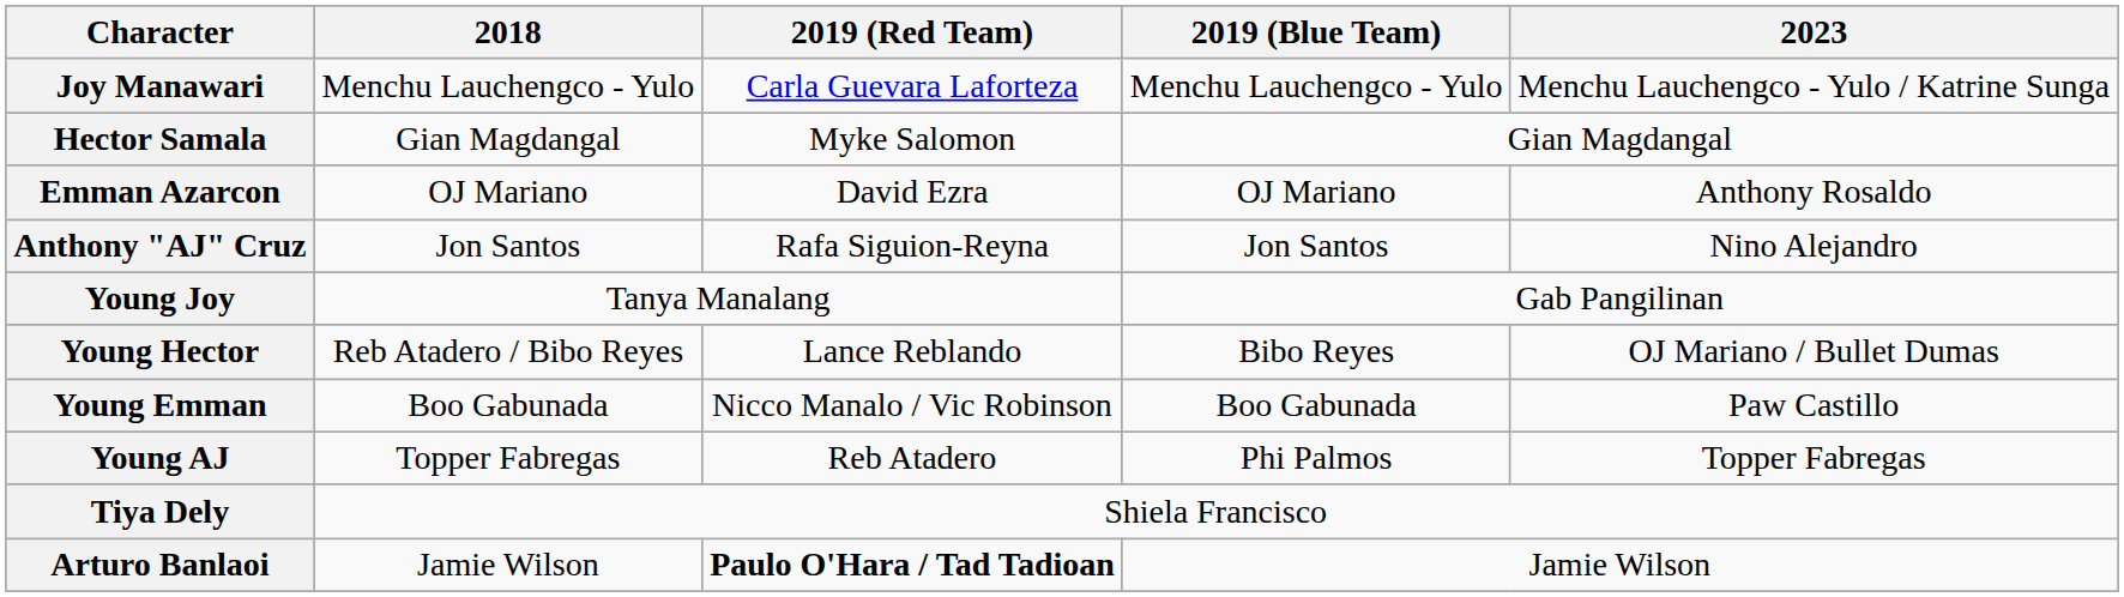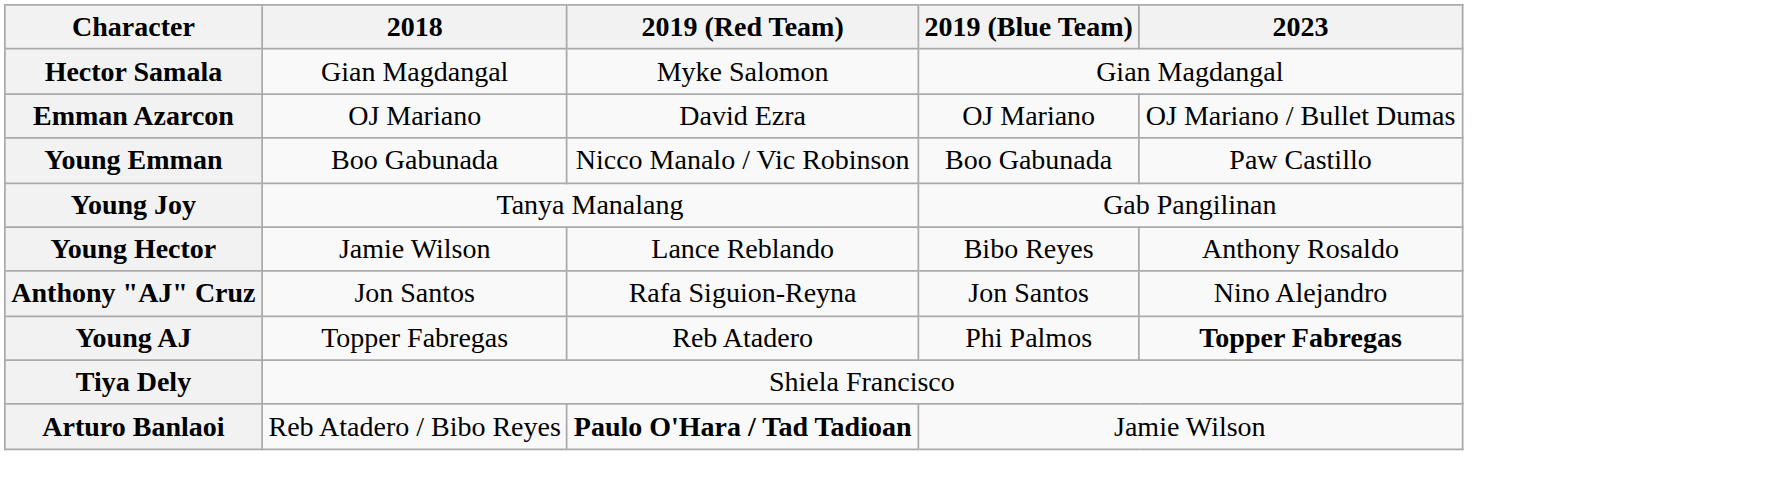 <table class="wikitable">
 <tr>
 <th>Character</th>
 <th>2018</th>
 <th>2019 (Red Team)</th>
 <th>2019 (Blue Team)</th>
 <th>2023</th>
-</tr>
-<tr>
-<th>Joy Manawari</th>
-<td align="center">Menchu Lauchengco - Yulo</td>
-<td align="center"><a href='#'>Carla Guevara Laforteza</a></td>
-<td align="center">Menchu Lauchengco - Yulo</td>
-<td align="center">Menchu Lauchengco - Yulo / Katrine Sunga</td>
 </tr>
 <tr>
 <th>Hector Samala</th>
 <td align="center">Gian Magdangal</td>
 <td align="center">Myke Salomon</td>
 <td colspan="2" align="center">Gian Magdangal</td>
 </tr>
 <tr>
 <th>Emman Azarcon</th>
 <td align="center">OJ Mariano</td>
 <td align="center">David Ezra</td>
 <td align="center">OJ Mariano</td>
+<td align="center">OJ Mariano / Bullet Dumas</td>
+</tr>
+<tr>
+<th>Young Emman</th>
+<td align="center">Boo Gabunada</td>
+<td align="center">Nicco Manalo / Vic Robinson</td>
+<td align="center">Boo Gabunada</td>
+<td align="center">Paw Castillo</td>
+</tr>
+<tr>
+<th>Young Joy</th>
+<td colspan="2" align="center">Tanya Manalang</td>
+<td colspan="2" align="center">Gab Pangilinan</td>
+</tr>
+<tr>
+<th>Young Hector</th>
+<td align="center">Jamie Wilson</td>
+<td align="center">Lance Reblando</td>
+<td align="center">Bibo Reyes</td>
 <td align="center">Anthony Rosaldo</td>
 </tr>
 <tr>
 <th>Anthony "AJ" Cruz</th>
 <td align="center">Jon Santos</td>
 <td align="center">Rafa Siguion-Reyna</td>
 <td align="center">Jon Santos</td>
 <td align="center">Nino Alejandro</td>
 </tr>
 <tr>
-<th>Young Joy</th>
-<td colspan="2" align="center">Tanya Manalang</td>
-<td colspan="2" align="center">Gab Pangilinan</td>
-</tr>
-<tr>
-<th>Young Hector</th>
-<td align="center">Reb Atadero / Bibo Reyes</td>
-<td align="center">Lance Reblando</td>
-<td align="center">Bibo Reyes</td>
-<td align="center">OJ Mariano / Bullet Dumas</td>
-</tr>
-<tr>
-<th>Young Emman</th>
-<td align="center">Boo Gabunada</td>
-<td align="center">Nicco Manalo / Vic Robinson</td>
-<td align="center">Boo Gabunada</td>
-<td align="center">Paw Castillo</td>
-</tr>
-<tr>
 <th>Young AJ</th>
 <td align="center">Topper Fabregas</td>
 <td align="center">Reb Atadero</td>
 <td align="center">Phi Palmos</td>
-<td align="center">Topper Fabregas</td>
+<td align="center"><strong>Topper Fabregas</strong></td>
 </tr>
 <tr>
 <th>Tiya Dely</th>
 <td colspan="4" align="center">Shiela Francisco</td>
 </tr>
 <tr>
 <th>Arturo Banlaoi</th>
-<td align="center">Jamie Wilson</td>
+<td align="center">Reb Atadero / Bibo Reyes</td>
 <td align="center"><strong>Paulo O'Hara / Tad Tadioan</strong></td>
 <td colspan="2" align="center">Jamie Wilson</td>
 </tr>
 </table>
